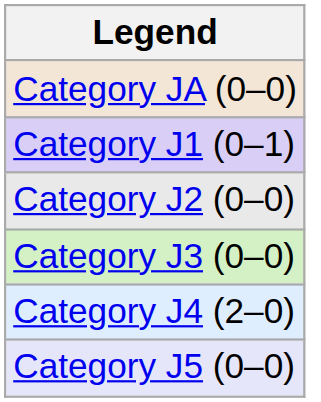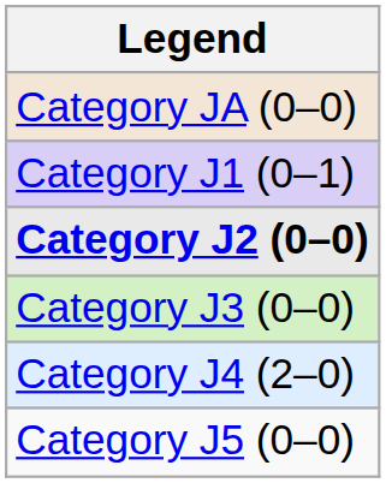 <table class="sortable wikitable">
 <tr>
 <th>Legend</th>
 </tr>
 <tr bgcolor="F3E6D7">
 <td><a href='#'>Category JA</a> (0–0)</td>
 </tr>
 <tr bgcolor="d8cef6">
 <td><a href='#'>Category J1</a> (0–1)</td>
 </tr>
 <tr bgcolor="e9e9e9">
-<td><a href='#'>Category J2</a> (0–0)</td>
+<td><strong><a href='#'>Category J2</a> (0–0)</strong></td>
 </tr>
 <tr bgcolor="D4F1C5">
 <td><a href='#'>Category J3</a> (0–0)</td>
 </tr>
 <tr bgcolor="dfeeff">
 <td><a href='#'>Category J4</a> (2–0)</td>
 </tr>
 <tr>
-<td style="background: lavender;"><a href='#'>Category J5</a> (0–0)</td>
+<td><a href='#'>Category J5</a> (0–0)</td>
 </tr>
 </table>
